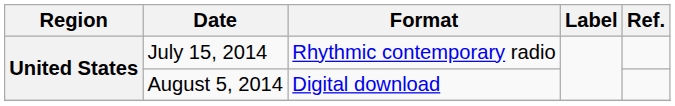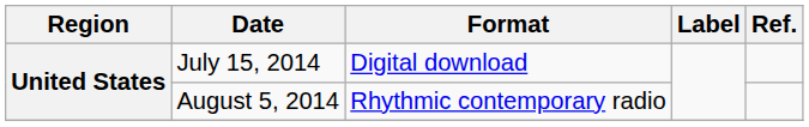 <table class="wikitable plainrowheaders">
 <tr>
 <th>Region</th>
 <th>Date</th>
 <th>Format</th>
 <th>Label</th>
 <th>Ref.</th>
 </tr>
 <tr>
 <th scope="row" rowspan="2">United States</th>
 <td>July 15, 2014</td>
-<td><a href='#'>Rhythmic contemporary</a> radio</td>
+<td><a href='#'>Digital download</a></td>
 <td rowspan="2"></td>
 <td align="center"></td>
 </tr>
 <tr>
 <td>August 5, 2014</td>
-<td><a href='#'>Digital download</a></td>
+<td><a href='#'>Rhythmic contemporary</a> radio</td>
 <td align="center"></td>
 </tr>
 <tr>
 </tr>
 </table>
